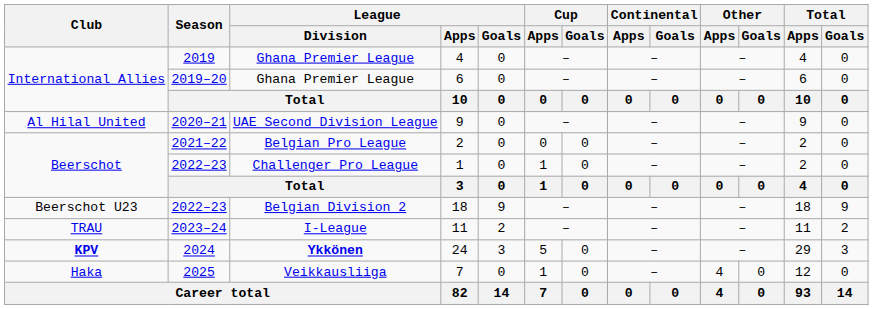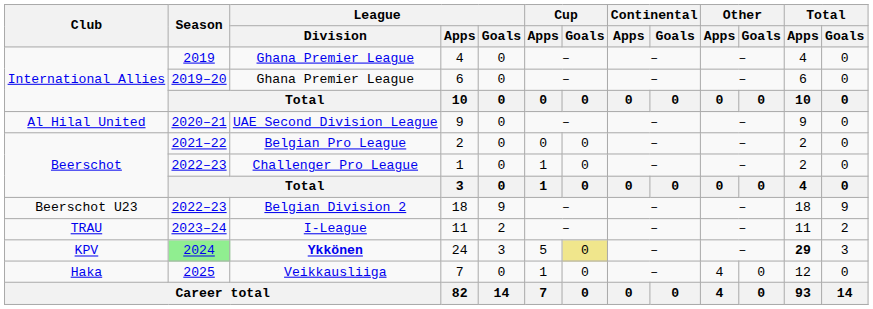 <table class="wikitable" style="text-align:center">
 <tr>
 <th rowspan="2">Club</th>
 <th rowspan="2">Season</th>
 <th colspan="3">League</th>
 <th colspan="2">Cup</th>
 <th colspan="2">Continental</th>
 <th colspan="2">Other</th>
 <th colspan="2">Total</th>
 </tr>
 <tr>
 <th>Division</th>
 <th>Apps</th>
 <th>Goals</th>
 <th>Apps</th>
 <th>Goals</th>
 <th>Apps</th>
 <th>Goals</th>
 <th>Apps</th>
 <th>Goals</th>
 <th>Apps</th>
 <th>Goals</th>
 </tr>
 <tr>
 <td rowspan="3"><a href='#'>International Allies</a></td>
 <td><a href='#'>2019</a></td>
 <td><a href='#'>Ghana Premier League</a></td>
 <td>4</td>
 <td>0</td>
 <td colspan=2>–</td>
 <td colspan=2>–</td>
 <td colspan=2>–</td>
 <td>4</td>
 <td>0</td>
 </tr>
 <tr>
 <td><a href='#'>2019–20</a></td>
 <td>Ghana Premier League</td>
 <td>6</td>
 <td>0</td>
 <td colspan=2>–</td>
 <td colspan=2>–</td>
 <td colspan=2>–</td>
 <td>6</td>
 <td>0</td>
 </tr>
 <tr>
 <th colspan="2">Total</th>
 <th>10</th>
 <th>0</th>
 <th>0</th>
 <th>0</th>
 <th>0</th>
 <th>0</th>
 <th>0</th>
 <th>0</th>
 <th>10</th>
 <th>0</th>
 </tr>
 <tr>
 <td><a href='#'>Al Hilal United</a></td>
 <td><a href='#'>2020–21</a></td>
 <td><a href='#'>UAE Second Division League</a></td>
 <td>9</td>
 <td>0</td>
 <td colspan=2>–</td>
 <td colspan=2>–</td>
 <td colspan=2>–</td>
 <td>9</td>
 <td>0</td>
 </tr>
 <tr>
 <td rowspan=3><a href='#'>Beerschot</a></td>
 <td><a href='#'>2021–22</a></td>
 <td><a href='#'>Belgian Pro League</a></td>
 <td>2</td>
 <td>0</td>
 <td>0</td>
 <td>0</td>
 <td colspan=2>–</td>
 <td colspan=2>–</td>
 <td>2</td>
 <td>0</td>
 </tr>
 <tr>
 <td><a href='#'>2022–23</a></td>
 <td><a href='#'>Challenger Pro League</a></td>
 <td>1</td>
 <td>0</td>
 <td>1</td>
 <td>0</td>
 <td colspan=2>–</td>
 <td colspan=2>–</td>
 <td>2</td>
 <td>0</td>
 </tr>
 <tr>
 <th colspan="2">Total</th>
 <th>3</th>
 <th>0</th>
 <th>1</th>
 <th>0</th>
 <th>0</th>
 <th>0</th>
 <th>0</th>
 <th>0</th>
 <th>4</th>
 <th>0</th>
 </tr>
 <tr>
 <td>Beerschot U23</td>
 <td><a href='#'>2022–23</a></td>
 <td><a href='#'>Belgian Division 2</a></td>
 <td>18</td>
 <td>9</td>
 <td colspan=2>–</td>
 <td colspan=2>–</td>
 <td colspan=2>–</td>
 <td>18</td>
 <td>9</td>
 </tr>
 <tr>
 <td><a href='#'>TRAU</a></td>
 <td><a href='#'>2023–24</a></td>
 <td><a href='#'>I-League</a></td>
 <td>11</td>
 <td>2</td>
 <td colspan=2>–</td>
 <td colspan=2>–</td>
 <td colspan=2>–</td>
 <td>11</td>
 <td>2</td>
 </tr>
 <tr>
-<td><strong><a href='#'>KPV</a></strong></td>
-<td><a href='#'>2024</a></td>
+<td><a href='#'>KPV</a></td>
+<td style="background: lightgreen;"><a href='#'>2024</a></td>
 <td><strong><a href='#'>Ykkönen</a></strong></td>
 <td>24</td>
 <td>3</td>
 <td>5</td>
-<td>0</td>
+<td style="background: khaki;">0</td>
 <td colspan=2>–</td>
 <td colspan=2>–</td>
-<td>29</td>
+<td><strong>29</strong></td>
 <td>3</td>
 </tr>
 <tr>
 <td><a href='#'>Haka</a></td>
 <td><a href='#'>2025</a></td>
 <td><a href='#'>Veikkausliiga</a></td>
 <td>7</td>
 <td>0</td>
 <td>1</td>
 <td>0</td>
 <td colspan=2>–</td>
 <td>4</td>
 <td>0</td>
 <td>12</td>
 <td>0</td>
 </tr>
 <tr>
 <th colspan="3">Career total</th>
 <th>82</th>
 <th>14</th>
 <th>7</th>
 <th>0</th>
 <th>0</th>
 <th>0</th>
 <th>4</th>
 <th>0</th>
 <th>93</th>
 <th>14</th>
 </tr>
 </table>
